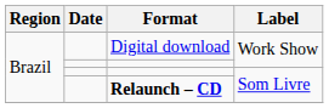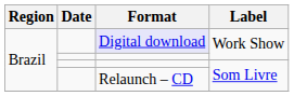 <table class="wikitable">
 <tr>
 <th>Region</th>
 <th>Date</th>
 <th>Format</th>
 <th>Label</th>
 </tr>
 <tr>
 <td rowspan=4>Brazil</td>
 <td></td>
-<td><a href='#'>Digital download</a> </td>
+<td style="background: lavender;"><a href='#'>Digital download</a> </td>
 <td rowspan=2>Work Show</td>
 </tr>
 <tr>
 <td></td>
 <td></td>
 </tr>
 <tr>
 <td></td>
 <td></td>
 <td rowspan=2><a href='#'>Som Livre</a></td>
 </tr>
 <tr>
 <td></td>
-<td><strong>Relaunch – <a href='#'>CD</a></strong></td>
+<td>Relaunch – <a href='#'>CD</a></td>
 </tr>
 <tr>
 </tr>
 </table>
